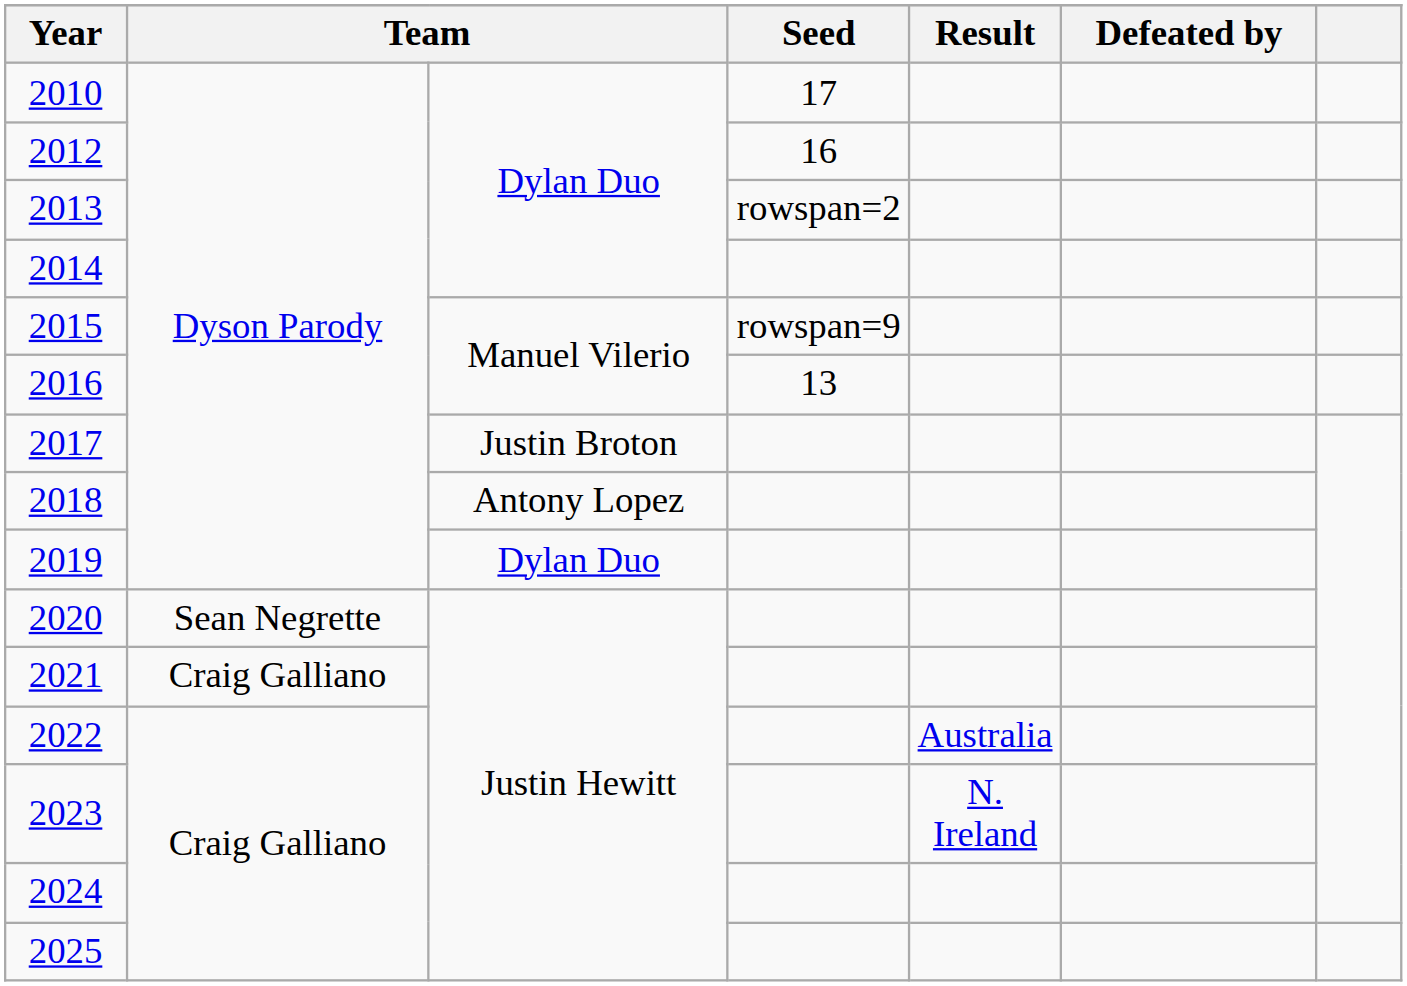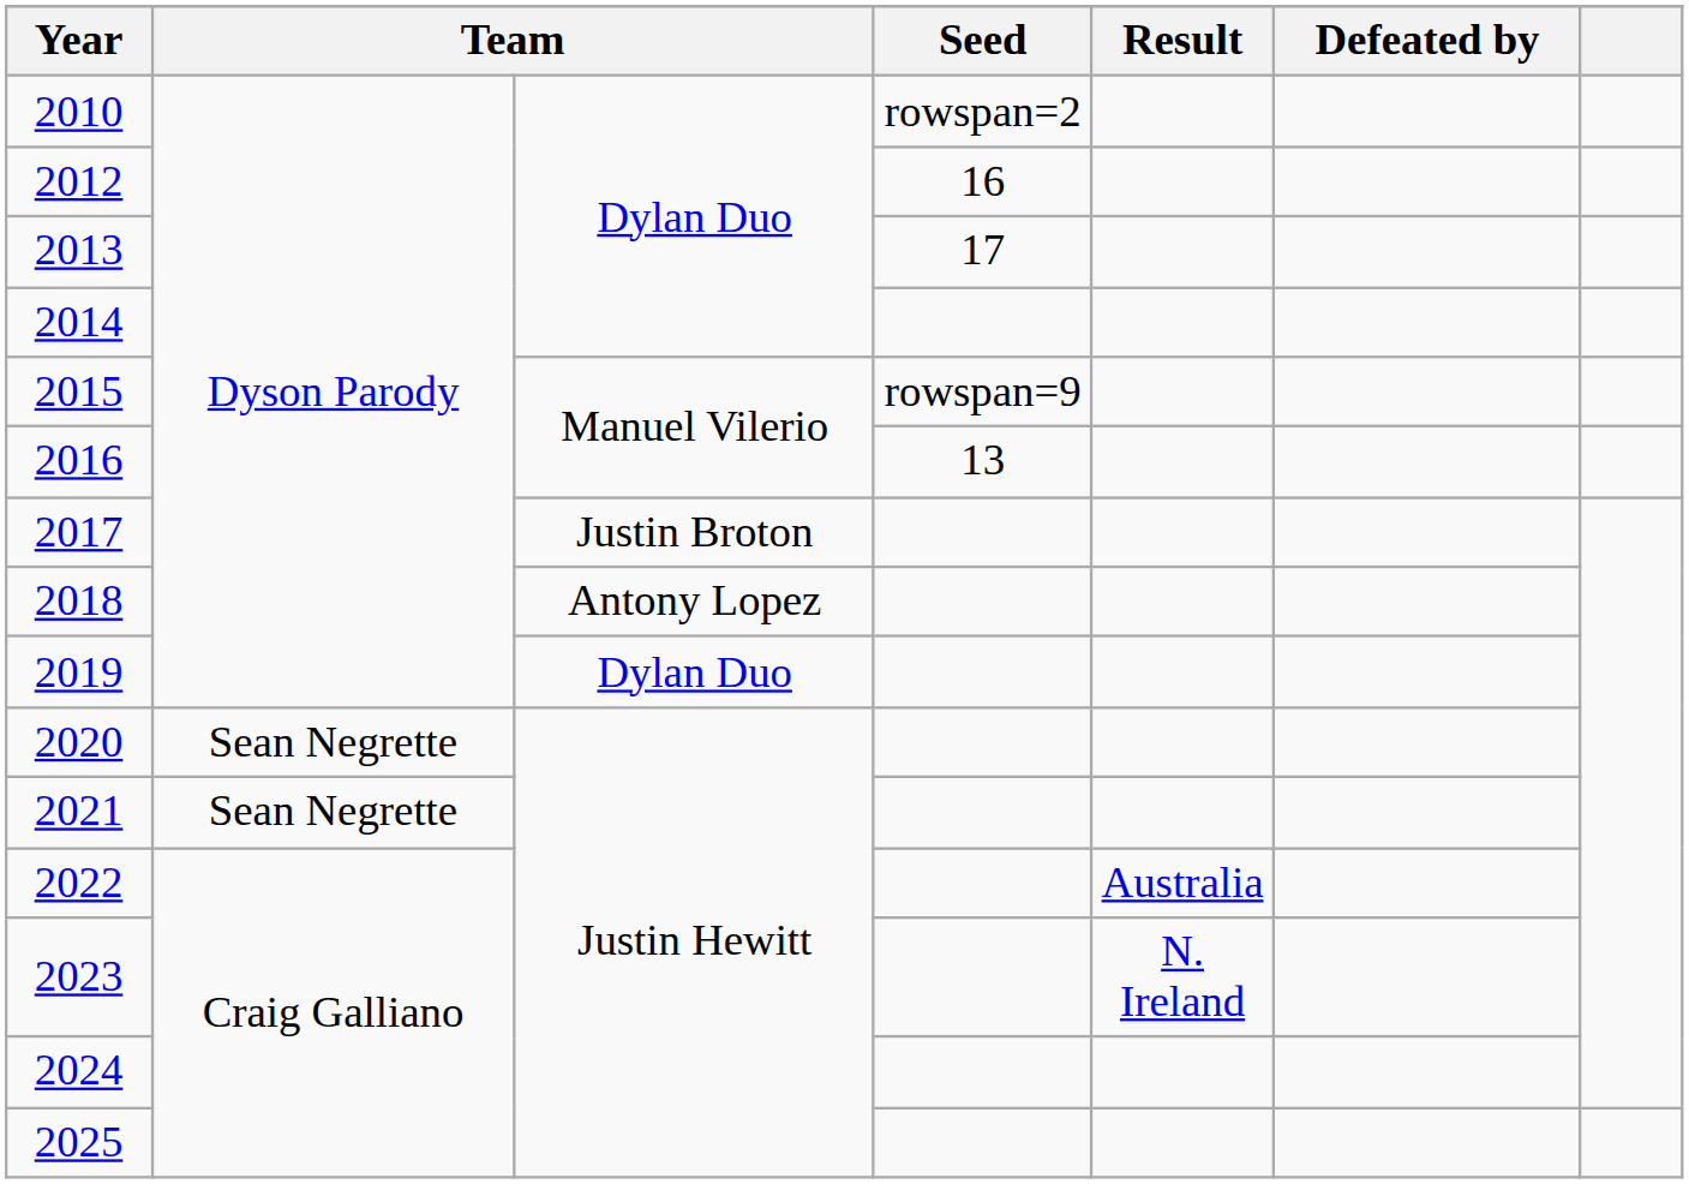 <table class="wikitable" style="text-align: center;">
 <tr style= "background: #e2e2e2;">
 </tr>
 <tr style="background: #efefef;">
 <th width=50px>Year</th>
 <th colspan="2">Team</th>
 <th width=50px>Seed</th>
 <th width=50px>Result</th>
 <th width=120px>Defeated by</th>
 <th width=40px></th>
 </tr>
 <tr>
 <td><a href='#'>2010</a></td>
 <td rowspan=9 width=150px><a href='#'>Dyson Parody</a></td>
 <td rowspan=4 width=150px><a href='#'>Dylan Duo</a></td>
-<td>17</td>
+<td>rowspan=2 </td>
 <td></td>
 <td> </td>
 <td></td>
 </tr>
 <tr>
 <td><a href='#'>2012</a></td>
 <td>16</td>
 <td></td>
 <td> </td>
 <td></td>
 </tr>
 <tr>
 <td><a href='#'>2013</a></td>
-<td>rowspan=2 </td>
+<td>17</td>
 <td></td>
 <td> <br> </td>
 <td></td>
 </tr>
 <tr>
 <td><a href='#'>2014</a></td>
 <td></td>
 <td> </td>
 <td></td>
 </tr>
 <tr>
 <td><a href='#'>2015</a></td>
 <td rowspan=2>Manuel Vilerio</td>
 <td>rowspan=9 </td>
 <td></td>
 <td> </td>
 <td></td>
 </tr>
 <tr>
 <td><a href='#'>2016</a></td>
 <td>13</td>
 <td></td>
 <td> </td>
 <td></td>
 </tr>
 <tr>
 <td><a href='#'>2017</a></td>
 <td>Justin Broton</td>
 <td></td>
 <td> </td>
 <td></td>
 </tr>
 <tr>
 <td><a href='#'>2018</a></td>
 <td>Antony Lopez</td>
 <td></td>
 <td> </td>
 <td></td>
 </tr>
 <tr>
 <td><a href='#'>2019</a></td>
 <td><a href='#'>Dylan Duo</a></td>
 <td></td>
 <td> </td>
 <td></td>
 </tr>
 <tr>
 <td><a href='#'>2020</a></td>
 <td>Sean Negrette</td>
 <td rowspan=6 width=150px>Justin Hewitt</td>
 <td></td>
 <td> </td>
 <td></td>
 </tr>
 <tr>
 <td><a href='#'>2021</a></td>
-<td>Craig Galliano</td>
+<td>Sean Negrette</td>
 <td></td>
 <td> </td>
 <td></td>
 </tr>
 <tr>
 <td><a href='#'>2022</a></td>
 <td rowspan=4>Craig Galliano</td>
 <td></td>
 <td> <a href='#'>Australia</a></td>
 <td></td>
 </tr>
 <tr>
 <td><a href='#'>2023</a></td>
 <td></td>
 <td> <a href='#'>N. Ireland</a></td>
 <td></td>
 </tr>
 <tr>
 <td><a href='#'>2024</a></td>
 <td></td>
 <td> </td>
 <td></td>
 </tr>
 <tr>
 <td><a href='#'>2025</a></td>
 <td></td>
 <td></td>
 <td></td>
 <td></td>
 </tr>
 </table>
